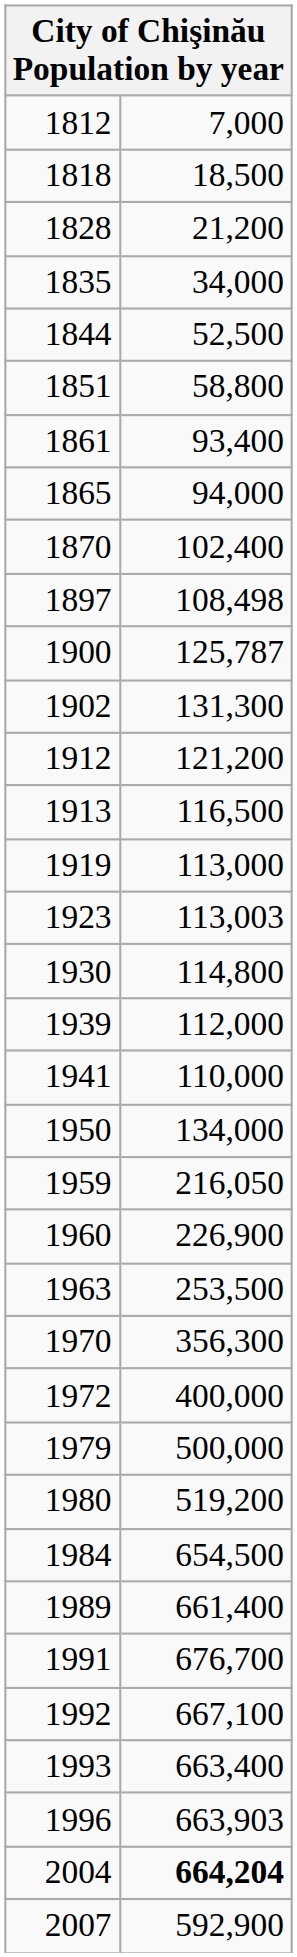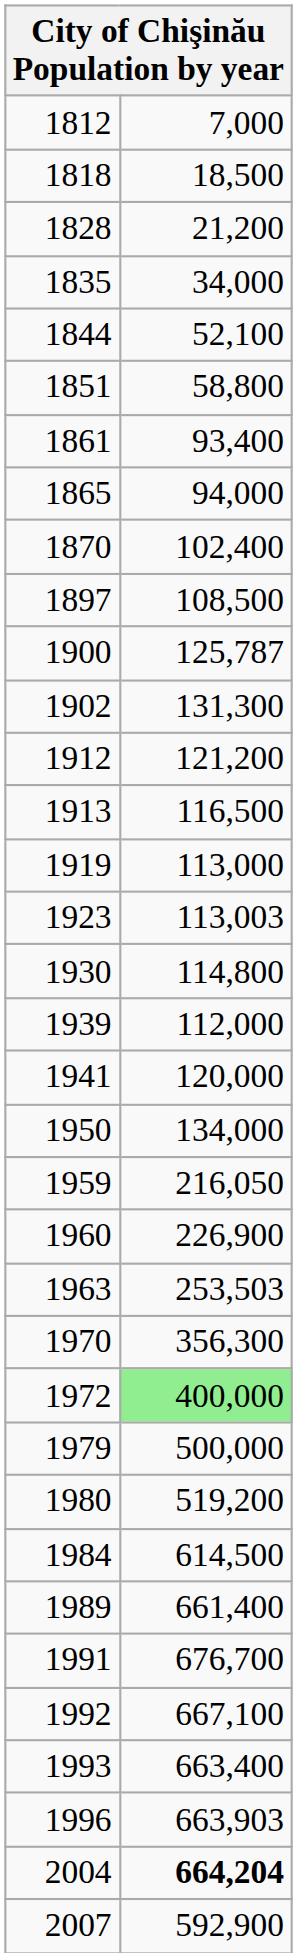 <table class="wikitable" style="float:right; margin-left:3px; text-size:80%; text-align:right">
 <tr>
 <th align=center colspan=2>City of Chişinău <br>Population by year</th>
 </tr>
 <tr>
 <td>1812</td>
 <td>7,000</td>
 </tr>
 <tr>
 <td>1818</td>
 <td>18,500</td>
 </tr>
 <tr>
 <td>1828</td>
 <td>21,200</td>
 </tr>
 <tr>
 <td>1835</td>
 <td>34,000</td>
 </tr>
 <tr>
 <td>1844</td>
-<td>52,500</td>
+<td>52,100</td>
 </tr>
 <tr>
 <td>1851</td>
 <td>58,800</td>
 </tr>
 <tr>
 <td>1861</td>
 <td>93,400</td>
 </tr>
 <tr>
 <td>1865</td>
 <td>94,000</td>
 </tr>
 <tr>
 <td>1870</td>
 <td>102,400</td>
 </tr>
 <tr>
 <td>1897</td>
-<td>108,498</td>
+<td>108,500</td>
 </tr>
 <tr>
 <td>1900</td>
 <td>125,787</td>
 </tr>
 <tr>
 <td>1902</td>
 <td>131,300</td>
 </tr>
 <tr>
 <td>1912</td>
 <td>121,200</td>
 </tr>
 <tr>
 <td>1913</td>
 <td>116,500</td>
 </tr>
 <tr>
 <td>1919</td>
 <td>113,000</td>
 </tr>
 <tr>
 <td>1923</td>
 <td>113,003</td>
 </tr>
 <tr>
 <td>1930</td>
 <td>114,800</td>
 </tr>
 <tr>
 <td>1939</td>
 <td>112,000</td>
 </tr>
 <tr>
 <td>1941</td>
-<td>110,000</td>
+<td>120,000</td>
 </tr>
 <tr>
 <td>1950</td>
 <td>134,000</td>
 </tr>
 <tr>
 <td>1959</td>
 <td>216,050</td>
 </tr>
 <tr>
 <td>1960</td>
 <td>226,900</td>
 </tr>
 <tr>
 <td>1963</td>
-<td>253,500</td>
+<td>253,503</td>
 </tr>
 <tr>
 <td>1970</td>
 <td>356,300</td>
 </tr>
 <tr>
 <td>1972</td>
-<td>400,000</td>
+<td style="background: lightgreen;">400,000</td>
 </tr>
 <tr>
 <td>1979</td>
 <td>500,000</td>
 </tr>
 <tr>
 <td>1980</td>
 <td>519,200</td>
 </tr>
 <tr>
 <td>1984</td>
-<td>654,500</td>
+<td>614,500</td>
 </tr>
 <tr>
 <td>1989</td>
 <td>661,400</td>
 </tr>
 <tr>
 <td>1991</td>
 <td>676,700</td>
 </tr>
 <tr>
 <td>1992</td>
 <td>667,100</td>
 </tr>
 <tr>
 <td>1993</td>
 <td>663,400</td>
 </tr>
 <tr>
 <td>1996</td>
 <td>663,903</td>
 </tr>
 <tr>
 <td>2004</td>
 <td><strong>664,204</strong></td>
 </tr>
 <tr>
 <td>2007</td>
 <td>592,900</td>
 </tr>
 </table>
